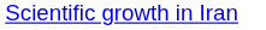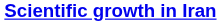 <table cellpadding="2" cellspacing="0">
 <tr>
 <td></td>
 </tr>
 <tr>
-<td style="text-align:left; font-size:100%;"><a href='#'>Scientific growth in Iran</a></td>
+<td style="text-align:left; font-size:100%;"><strong><a href='#'>Scientific growth in Iran</a></strong></td>
 </tr>
 </table>
